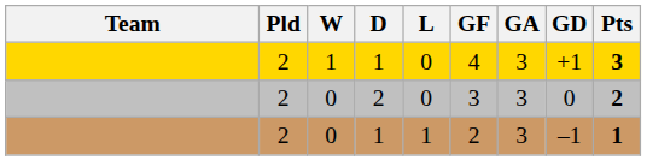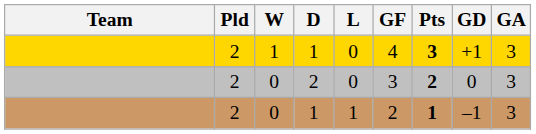 <table class="wikitable" style="text-align: center;">
 <tr>
 <th width=165>Team</th>
 <th width=25>Pld</th>
 <th width=25>W</th>
 <th width=25>D</th>
 <th width=25>L</th>
 <th width=25>GF</th>
+<th width=25>Pts</th>
+<th width=25>GD</th>
 <th width=25>GA</th>
-<th width=25>GD</th>
-<th width=25>Pts</th>
 </tr>
 <tr bgcolor=gold>
 <td align="left"></td>
 <td>2</td>
 <td>1</td>
 <td>1</td>
 <td>0</td>
 <td>4</td>
+<td><strong>3</strong></td>
+<td>+1</td>
 <td>3</td>
-<td>+1</td>
-<td><strong>3</strong></td>
 </tr>
 <tr bgcolor=silver>
 <td align="left"></td>
 <td>2</td>
 <td>0</td>
 <td>2</td>
 <td>0</td>
 <td>3</td>
+<td><strong>2</strong></td>
+<td>0</td>
 <td>3</td>
-<td>0</td>
-<td><strong>2</strong></td>
 </tr>
 <tr bgcolor=#cc9966>
 <td align="left"></td>
 <td>2</td>
 <td>0</td>
 <td>1</td>
 <td>1</td>
 <td>2</td>
+<td><strong>1</strong></td>
+<td>–1</td>
 <td>3</td>
-<td>–1</td>
-<td><strong>1</strong></td>
 </tr>
 </table>
